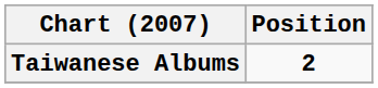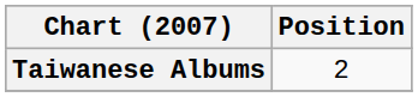 <table class="wikitable plainrowheaders">
 <tr>
 <th>Chart (2007)</th>
 <th>Position</th>
 </tr>
 <tr>
 <th scope="row">Taiwanese Albums</th>
-<td style="text-align:center;"><strong>2</strong></td>
+<td style="text-align:center;">2</td>
 </tr>
 <tr>
 </tr>
 </table>
